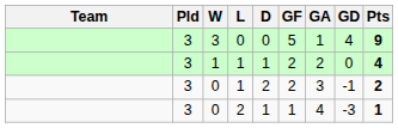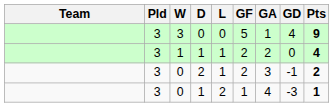 <table class="wikitable" style="text-align: center;">
 <tr>
 <th width=175>Team</th>
 <th width=20 abbr="Played">Pld</th>
 <th width=20 abbr="Won">W</th>
+<th width=20 abbr="Drawn">D</th>
 <th width=20 abbr="Lost">L</th>
-<th width=20 abbr="Drawn">D</th>
 <th width=20 abbr="Goals for">GF</th>
 <th width=20 abbr="Goals against">GA</th>
 <th width=20 abbr="Goal difference">GD</th>
 <th width=20 abbr="Points">Pts</th>
 </tr>
 <tr bgcolor=#ccffcc>
 <td></td>
 <td>3</td>
 <td>3</td>
 <td>0</td>
 <td>0</td>
 <td>5</td>
 <td>1</td>
 <td>4</td>
 <td><strong>9</strong></td>
 </tr>
 <tr bgcolor=#ccffcc>
 <td></td>
 <td>3</td>
 <td>1</td>
 <td>1</td>
 <td>1</td>
 <td>2</td>
 <td>2</td>
 <td>0</td>
 <td><strong>4</strong></td>
 </tr>
 <tr>
 <td></td>
 <td>3</td>
 <td>0</td>
+<td>2</td>
 <td>1</td>
-<td>2</td>
 <td>2</td>
 <td>3</td>
 <td>-1</td>
 <td><strong>2</strong></td>
 </tr>
 <tr>
 <td></td>
 <td>3</td>
 <td>0</td>
+<td>1</td>
 <td>2</td>
-<td>1</td>
 <td>1</td>
 <td>4</td>
 <td>-3</td>
 <td><strong>1</strong></td>
 </tr>
 </table>
